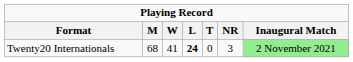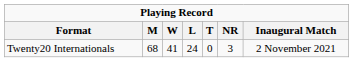 <table class="wikitable" style="text-align: center; width: 500px;">
 <tr>
 <td colspan=7 align="center"><strong>Playing Record</strong></td>
 </tr>
 <tr>
 <th>Format</th>
 <th>M</th>
 <th>W</th>
 <th>L</th>
 <th>T</th>
 <th>NR</th>
 <th>Inaugural Match</th>
 </tr>
 <tr>
 <td align="left">Twenty20 Internationals</td>
 <td>68</td>
 <td>41</td>
-<td><strong>24</strong></td>
+<td>24</td>
 <td>0</td>
 <td>3</td>
-<td style="background: lightgreen;">2 November 2021</td>
+<td>2 November 2021</td>
 </tr>
 </table>
